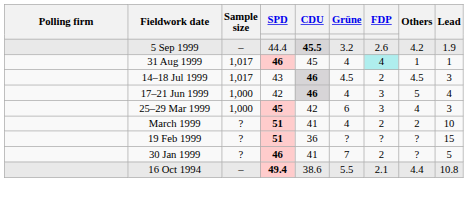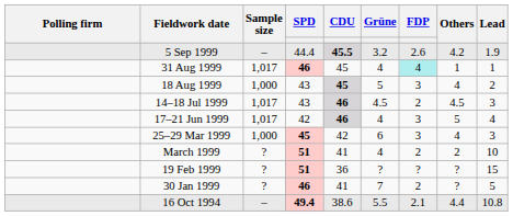 <table class="wikitable sortable" style="text-align:center;font-size:90%;line-height:14px;">
 <tr style="height:40px;">
 <th style="width:160px;" rowspan="2">Polling firm</th>
 <th style="width:120px;" rowspan="2">Fieldwork date</th>
 <th style="width:35px;" rowspan="2">Sample<br>size</th>
 <th class="unsortable" style="width:40px;"><a href='#'>SPD</a></th>
 <th class="unsortable" style="width:40px;"><a href='#'>CDU</a></th>
 <th class="unsortable" style="width:40px;"><a href='#'>Grüne</a></th>
 <th class="unsortable" style="width:40px;"><a href='#'>FDP</a></th>
 <th class="unsortable" style="width:40px;" rowspan="2">Others</th>
 <th style="width:30px;" rowspan="2">Lead</th>
 </tr>
 <tr>
 <th style="background:"></th>
 <th style="background:"></th>
 <th style="background:"></th>
 <th style="background:"></th>
 </tr>
 <tr style="background:#E9E9E9;">
 <td></td>
 <td data-sort-value="1999-09-05">5 Sep 1999</td>
 <td>–</td>
 <td>44.4</td>
 <td style="background:#D7D5D7;"><strong>45.5</strong></td>
 <td>3.2</td>
 <td>2.6</td>
 <td>4.2</td>
 <td style="background:">1.9</td>
 </tr>
 <tr>
 <td></td>
 <td data-sort-value="1999-08-31">31 Aug 1999</td>
 <td>1,017</td>
 <td style="background:#FFCCCC;"><strong>46</strong></td>
 <td>45</td>
 <td>4</td>
 <td style="background: paleturquoise;">4</td>
 <td>1</td>
 <td style="background:">1</td>
 </tr>
 <tr>
 <td></td>
+<td data-sort-value="1999-08-18">18 Aug 1999</td>
+<td>1,000</td>
+<td>43</td>
+<td style="background:#D7D5D7;"><strong>45</strong></td>
+<td>5</td>
+<td>3</td>
+<td>4</td>
+<td style="background:">2</td>
+</tr>
+<tr>
+<td></td>
 <td data-sort-value="1999-07-19">14–18 Jul 1999</td>
 <td>1,017</td>
 <td>43</td>
 <td style="background:#D7D5D7;"><strong>46</strong></td>
 <td>4.5</td>
 <td>2</td>
 <td>4.5</td>
 <td style="background:">3</td>
 </tr>
 <tr>
 <td></td>
 <td data-sort-value="1999-06-25">17–21 Jun 1999</td>
-<td>1,000</td>
+<td>1,017</td>
 <td>42</td>
 <td style="background:#D7D5D7;"><strong>46</strong></td>
 <td>4</td>
 <td>3</td>
 <td>5</td>
 <td style="background:">4</td>
 </tr>
 <tr>
 <td></td>
 <td data-sort-value="1999-04-09">25–29 Mar 1999</td>
 <td>1,000</td>
 <td style="background:#FFCCCC;"><strong>45</strong></td>
 <td>42</td>
 <td>6</td>
 <td>3</td>
 <td>4</td>
 <td style="background:">3</td>
 </tr>
 <tr>
 <td></td>
 <td data-sort-value="1999-03-31">March 1999</td>
 <td>?</td>
 <td style="background:#FFCCCC;"><strong>51</strong></td>
 <td>41</td>
 <td>4</td>
 <td>2</td>
 <td>2</td>
 <td style="background:">10</td>
 </tr>
 <tr>
 <td></td>
 <td data-sort-value="1999-02-19">19 Feb 1999</td>
 <td>?</td>
 <td style="background:#FFCCCC;"><strong>51</strong></td>
 <td>36</td>
 <td>?</td>
 <td>?</td>
 <td>?</td>
 <td style="background:">15</td>
 </tr>
 <tr>
 <td></td>
 <td data-sort-value="1999-01-30">30 Jan 1999</td>
 <td>?</td>
 <td style="background:#FFCCCC;"><strong>46</strong></td>
 <td>41</td>
 <td>7</td>
 <td>2</td>
 <td>?</td>
 <td style="background:">5</td>
 </tr>
 <tr style="background:#E9E9E9;">
 <td></td>
 <td data-sort-value="1994-10-16">16 Oct 1994</td>
 <td>–</td>
 <td style="background:#FFCCCC;"><strong>49.4</strong></td>
 <td>38.6</td>
 <td>5.5</td>
 <td>2.1</td>
 <td>4.4</td>
 <td style="background:">10.8</td>
 </tr>
 </table>
